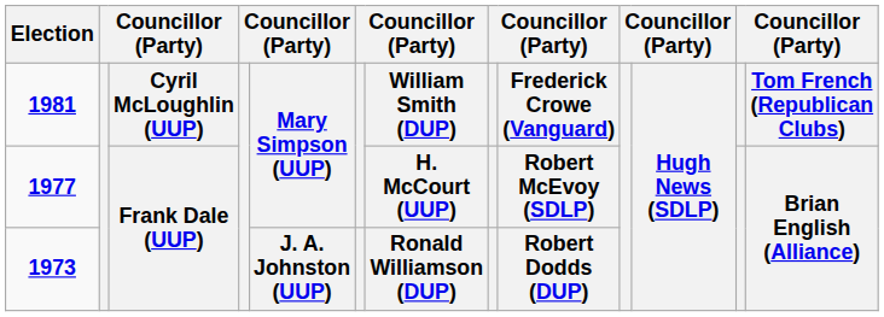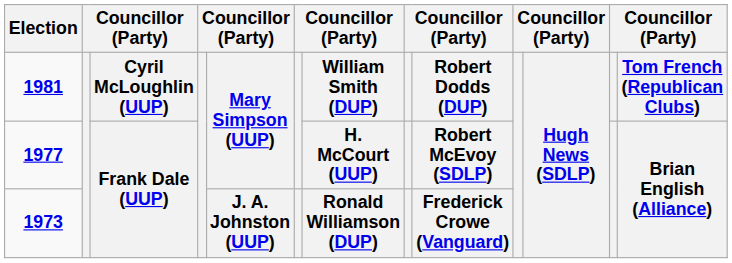 <table class="wikitable" style="text-align:center">
 <tr>
 <th scope="col" width="50">Election</th>
 <th scope="col" width="150" colspan = "2">Councillor<br> (Party)</th>
 <th scope="col" width="150" colspan = "2">Councillor<br> (Party)</th>
 <th scope="col" width="150" colspan = "2">Councillor<br> (Party)</th>
 <th scope="col" width="150" colspan = "2">Councillor<br> (Party)</th>
 <th scope="col" width="150" colspan = "2">Councillor<br> (Party)</th>
 <th scope="col" width="150" colspan = "2">Councillor<br> (Party)</th>
 </tr>
 <tr>
 <td><strong><a href='#'>1981</a></strong></td>
 <th rowspan="3" width="1" style="background-color: "></th>
 <th rowspan = "1">Cyril McLoughlin <br> (<a href='#'>UUP</a>)</th>
 <th rowspan="3" width="1" style="background-color: "></th>
 <th rowspan = "2"><a href='#'>Mary Simpson</a> <br> (<a href='#'>UUP</a>)</th>
 <th rowspan="2" width="1" style="background-color: "></th>
 <th rowspan = "1">William Smith <br> (<a href='#'>DUP</a>)</th>
 <th rowspan="1" width="1" style="background-color: "></th>
-<th rowspan = "1">Frederick Crowe <br> (<a href='#'>Vanguard</a>)</th>
+<th rowspan = "1">Robert Dodds <br> (<a href='#'>DUP</a>)</th>
 <th rowspan="3" width="1" style="background-color: "></th>
 <th rowspan = "3"><a href='#'>Hugh News</a> <br> (<a href='#'>SDLP</a>)</th>
 <th rowspan="1" width="1" style="background-color: "></th>
 <th rowspan = "1"><a href='#'>Tom French</a> <br> (<a href='#'>Republican Clubs</a>)</th>
 </tr>
 <tr>
 <td><strong><a href='#'>1977</a></strong></td>
 <th rowspan = "2">Frank Dale <br> (<a href='#'>UUP</a>)</th>
 <th rowspan = "1">H. McCourt <br> (<a href='#'>UUP</a>)</th>
 <th rowspan="1" width="1" style="background-color: "></th>
 <th rowspan = "1">Robert McEvoy <br> (<a href='#'>SDLP</a>)</th>
 <th rowspan="2" width="1" style="background-color: "></th>
 <th rowspan = "2">Brian English <br> (<a href='#'>Alliance</a>)</th>
 </tr>
 <tr>
 <td><strong><a href='#'>1973</a></strong></td>
 <th rowspan = "1">J. A. Johnston <br> (<a href='#'>UUP</a>)</th>
 <th rowspan="1" width="1" style="background-color: "></th>
 <th rowspan = "1">Ronald Williamson <br> (<a href='#'>DUP</a>)</th>
 <th rowspan="1" width="1" style="background-color: "></th>
-<th rowspan = "1">Robert Dodds <br> (<a href='#'>DUP</a>)</th>
+<th rowspan = "1">Frederick Crowe <br> (<a href='#'>Vanguard</a>)</th>
 </tr>
 </table>
